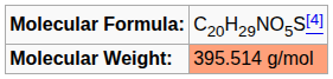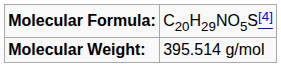 <table class="wikitable">
 <tr>
 <td><strong>Molecular Formula:</strong></td>
 <td>C<sub>20</sub>H<sub>29</sub>NO<sub>5</sub>S<a href='#'><sup>[4]</sup></a></td>
 </tr>
 <tr>
 <td><strong>Molecular Weight:</strong></td>
-<td style="background: lightsalmon;">395.514 g/mol</td>
+<td>395.514 g/mol</td>
 </tr>
 </table>
